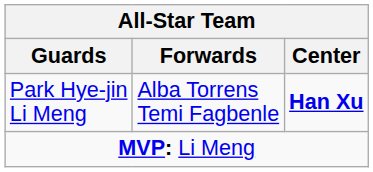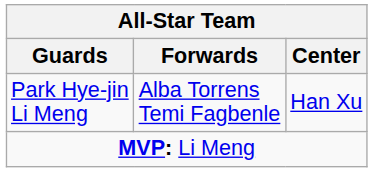 <table class=wikitable style="margin:auto">
 <tr>
 <th colspan=3 align=center>All-Star Team</th>
 </tr>
 <tr>
 <th>Guards</th>
 <th>Forwards</th>
 <th>Center</th>
 </tr>
 <tr>
 <td> <a href='#'>Park Hye-jin</a><br> <a href='#'>Li Meng</a></td>
 <td valign=center> <a href='#'>Alba Torrens</a><br> <a href='#'>Temi Fagbenle</a></td>
-<td><strong> <a href='#'>Han Xu</a></strong></td>
+<td> <a href='#'>Han Xu</a></td>
 </tr>
 <tr>
 <td colspan=3 align=center><strong><a href='#'>MVP</a>:</strong>  <a href='#'>Li Meng</a></td>
 </tr>
 </table>
